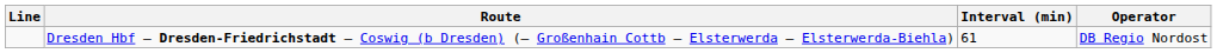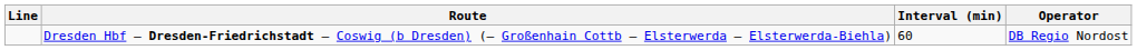 <table class="wikitable">
 <tr>
 <th>Line</th>
 <th>Route</th>
 <th>Interval (min)</th>
 <th>Operator</th>
 </tr>
 <tr>
 <td></td>
 <td><a href='#'>Dresden Hbf</a> – <strong>Dresden-Friedrichstadt</strong> – <a href='#'>Coswig (b Dresden)</a> (– <a href='#'>Großenhain Cottb</a> – <a href='#'>Elsterwerda</a> – <a href='#'>Elsterwerda-Biehla</a>)</td>
-<td>61</td>
+<td>60</td>
 <td><a href='#'>DB Regio</a> Nordost</td>
 </tr>
 </table>
